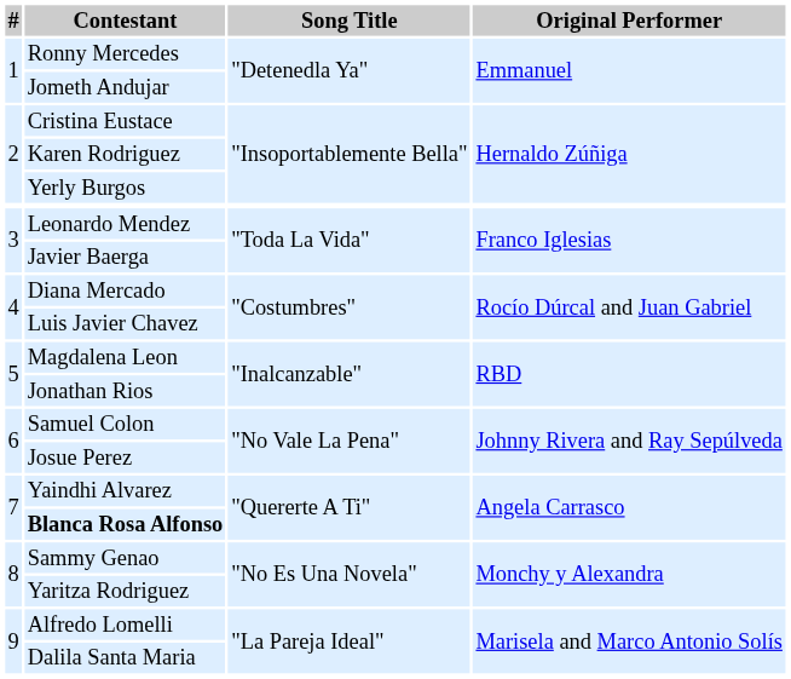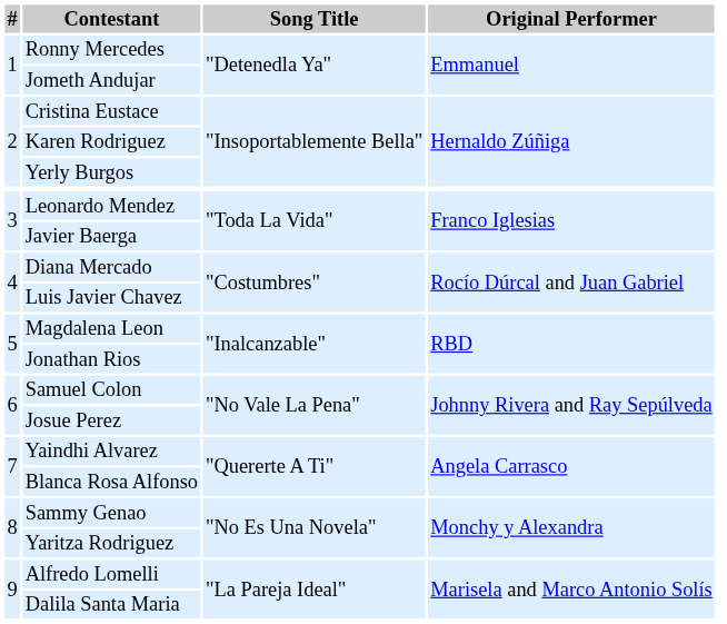 <table cellpadding=2 cellspacing=2>
 <tr bgcolor=#cccccc>
 <th>#</th>
 <th>Contestant</th>
 <th>Song Title</th>
 <th>Original Performer</th>
 </tr>
 <tr bgcolor=#DDEEFF>
 <td rowspan="2" align=center>1</td>
 <td>Ronny Mercedes</td>
 <td rowspan="2">"Detenedla Ya"</td>
 <td rowspan="2"><a href='#'>Emmanuel</a></td>
 </tr>
 <tr bgcolor=#DDEEFF>
 <td>Jometh Andujar</td>
 </tr>
 <tr bgcolor=#DDEEFF>
 <td rowspan="3" align=center>2</td>
 <td>Cristina Eustace</td>
 <td rowspan="3">"Insoportablemente Bella"</td>
 <td rowspan="3"><a href='#'>Hernaldo Zúñiga</a></td>
 </tr>
 <tr bgcolor=#DDEEFF>
 <td>Karen Rodriguez</td>
 </tr>
 <tr bgcolor=#DDEEFF>
 <td>Yerly Burgos</td>
 </tr>
 <tr bgcolor=#DDEEFF>
 </tr>
 <tr bgcolor=#DDEEFF>
 <td rowspan="2" align=center>3</td>
 <td>Leonardo Mendez</td>
 <td rowspan="2">"Toda La Vida"</td>
 <td rowspan="2"><a href='#'>Franco Iglesias</a></td>
 </tr>
 <tr bgcolor=#DDEEFF>
 <td>Javier Baerga</td>
 </tr>
 <tr bgcolor=#DDEEFF>
 <td rowspan="2" align=center>4</td>
 <td>Diana Mercado</td>
 <td rowspan="2">"Costumbres"</td>
 <td rowspan="2"><a href='#'>Rocío Dúrcal</a> and <a href='#'>Juan Gabriel</a></td>
 </tr>
 <tr bgcolor=#DDEEFF>
 <td>Luis Javier Chavez</td>
 </tr>
 <tr bgcolor=#DDEEFF>
 <td rowspan="2" align=center>5</td>
 <td>Magdalena Leon</td>
 <td rowspan="2">"Inalcanzable"</td>
 <td rowspan="2"><a href='#'>RBD</a></td>
 </tr>
 <tr bgcolor=#DDEEFF>
 <td>Jonathan Rios</td>
 </tr>
 <tr bgcolor=#DDEEFF>
 <td rowspan="2" align=center>6</td>
 <td>Samuel Colon</td>
 <td rowspan="2">"No Vale La Pena"</td>
 <td rowspan="2"><a href='#'>Johnny Rivera</a> and <a href='#'>Ray Sepúlveda</a></td>
 </tr>
 <tr bgcolor=#DDEEFF>
 <td>Josue Perez</td>
 </tr>
 <tr bgcolor=#DDEEFF>
 <td rowspan="2" align=center>7</td>
 <td>Yaindhi Alvarez</td>
 <td rowspan="2">"Quererte A Ti"</td>
 <td rowspan="2"><a href='#'>Angela Carrasco</a></td>
 </tr>
 <tr bgcolor=#DDEEFF>
-<td><strong>Blanca Rosa Alfonso</strong></td>
+<td>Blanca Rosa Alfonso</td>
 </tr>
 <tr bgcolor=#DDEEFF>
 <td rowspan="2" align=center>8</td>
 <td>Sammy Genao</td>
 <td rowspan="2">"No Es Una Novela"</td>
 <td rowspan="2"><a href='#'>Monchy y Alexandra</a></td>
 </tr>
 <tr bgcolor=#DDEEFF>
 <td>Yaritza Rodriguez</td>
 </tr>
 <tr bgcolor=#DDEEFF>
 <td rowspan="2" align=center>9</td>
 <td>Alfredo Lomelli</td>
 <td rowspan="2">"La Pareja Ideal"</td>
 <td rowspan="2"><a href='#'>Marisela</a> and <a href='#'>Marco Antonio Solís</a></td>
 </tr>
 <tr bgcolor=#DDEEFF>
 <td>Dalila Santa Maria</td>
 </tr>
 <tr bgcolor=#DDEEFF>
 </tr>
 </table>
